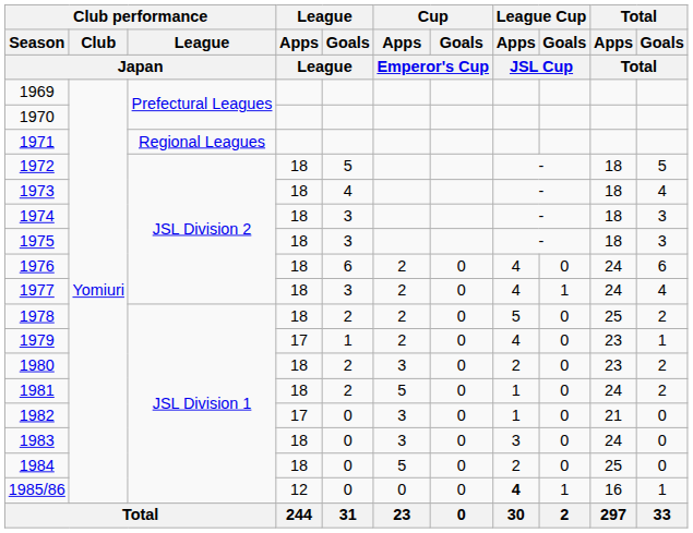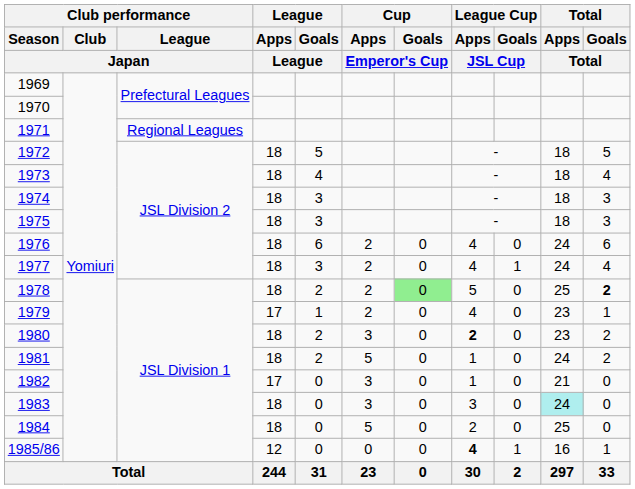 <table class="wikitable" style="text-align:center;">
 <tr>
 <th colspan=3>Club performance</th>
 <th colspan=2>League</th>
 <th colspan=2>Cup</th>
 <th colspan=2>League Cup</th>
 <th colspan=2>Total</th>
 </tr>
 <tr>
 <th>Season</th>
 <th>Club</th>
 <th>League</th>
 <th>Apps</th>
 <th>Goals</th>
 <th>Apps</th>
 <th>Goals</th>
 <th>Apps</th>
 <th>Goals</th>
 <th>Apps</th>
 <th>Goals</th>
 </tr>
 <tr>
 <th colspan=3>Japan</th>
 <th colspan=2>League</th>
 <th colspan=2><a href='#'>Emperor's Cup</a></th>
 <th colspan=2><a href='#'>JSL Cup</a></th>
 <th colspan=2>Total</th>
 </tr>
 <tr>
 <td>1969</td>
 <td rowspan="17"><a href='#'>Yomiuri</a></td>
 <td rowspan="2"><a href='#'>Prefectural Leagues</a></td>
 <td></td>
 <td></td>
 <td></td>
 <td></td>
 <td></td>
 <td></td>
 <td></td>
 <td></td>
 </tr>
 <tr>
 <td>1970</td>
 <td></td>
 <td></td>
 <td></td>
 <td></td>
 <td></td>
 <td></td>
 <td></td>
 <td></td>
 </tr>
 <tr>
 <td><a href='#'>1971</a></td>
 <td><a href='#'>Regional Leagues</a></td>
 <td></td>
 <td></td>
 <td></td>
 <td></td>
 <td></td>
 <td></td>
 <td></td>
 <td></td>
 </tr>
 <tr>
 <td><a href='#'>1972</a></td>
 <td rowspan="6"><a href='#'>JSL Division 2</a></td>
 <td>18</td>
 <td>5</td>
 <td></td>
 <td></td>
 <td colspan="2">-</td>
 <td>18</td>
 <td>5</td>
 </tr>
 <tr>
 <td><a href='#'>1973</a></td>
 <td>18</td>
 <td>4</td>
 <td></td>
 <td></td>
 <td colspan="2">-</td>
 <td>18</td>
 <td>4</td>
 </tr>
 <tr>
 <td><a href='#'>1974</a></td>
 <td>18</td>
 <td>3</td>
 <td></td>
 <td></td>
 <td colspan="2">-</td>
 <td>18</td>
 <td>3</td>
 </tr>
 <tr>
 <td><a href='#'>1975</a></td>
 <td>18</td>
 <td>3</td>
 <td></td>
 <td></td>
 <td colspan="2">-</td>
 <td>18</td>
 <td>3</td>
 </tr>
 <tr>
 <td><a href='#'>1976</a></td>
 <td>18</td>
 <td>6</td>
 <td>2</td>
 <td>0</td>
 <td>4</td>
 <td>0</td>
 <td>24</td>
 <td>6</td>
 </tr>
 <tr>
 <td><a href='#'>1977</a></td>
 <td>18</td>
 <td>3</td>
 <td>2</td>
 <td>0</td>
 <td>4</td>
 <td>1</td>
 <td>24</td>
 <td>4</td>
 </tr>
 <tr>
 <td><a href='#'>1978</a></td>
 <td rowspan="8"><a href='#'>JSL Division 1</a></td>
 <td>18</td>
 <td>2</td>
 <td>2</td>
-<td>0</td>
+<td style="background: lightgreen;">0</td>
 <td>5</td>
 <td>0</td>
 <td>25</td>
-<td>2</td>
+<td><strong>2</strong></td>
 </tr>
 <tr>
 <td><a href='#'>1979</a></td>
 <td>17</td>
 <td>1</td>
 <td>2</td>
 <td>0</td>
 <td>4</td>
 <td>0</td>
 <td>23</td>
 <td>1</td>
 </tr>
 <tr>
 <td><a href='#'>1980</a></td>
 <td>18</td>
 <td>2</td>
 <td>3</td>
 <td>0</td>
-<td>2</td>
+<td><strong>2</strong></td>
 <td>0</td>
 <td>23</td>
 <td>2</td>
 </tr>
 <tr>
 <td><a href='#'>1981</a></td>
 <td>18</td>
 <td>2</td>
 <td>5</td>
 <td>0</td>
 <td>1</td>
 <td>0</td>
 <td>24</td>
 <td>2</td>
 </tr>
 <tr>
 <td><a href='#'>1982</a></td>
 <td>17</td>
 <td>0</td>
 <td>3</td>
 <td>0</td>
 <td>1</td>
 <td>0</td>
 <td>21</td>
 <td>0</td>
 </tr>
 <tr>
 <td><a href='#'>1983</a></td>
 <td>18</td>
 <td>0</td>
 <td>3</td>
 <td>0</td>
 <td>3</td>
 <td>0</td>
-<td>24</td>
+<td style="background: paleturquoise;">24</td>
 <td>0</td>
 </tr>
 <tr>
 <td><a href='#'>1984</a></td>
 <td>18</td>
 <td>0</td>
 <td>5</td>
 <td>0</td>
 <td>2</td>
 <td>0</td>
 <td>25</td>
 <td>0</td>
 </tr>
 <tr>
 <td><a href='#'>1985/86</a></td>
 <td>12</td>
 <td>0</td>
 <td>0</td>
 <td>0</td>
 <td><strong>4</strong></td>
 <td>1</td>
 <td>16</td>
 <td>1</td>
 </tr>
 <tr>
 <th colspan=3>Total</th>
 <th>244</th>
 <th>31</th>
 <th>23</th>
 <th>0</th>
 <th>30</th>
 <th>2</th>
 <th>297</th>
 <th>33</th>
 </tr>
 </table>
